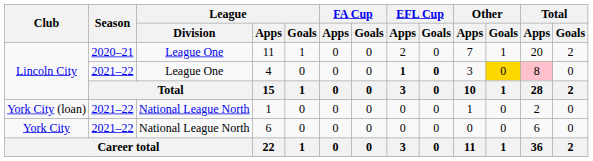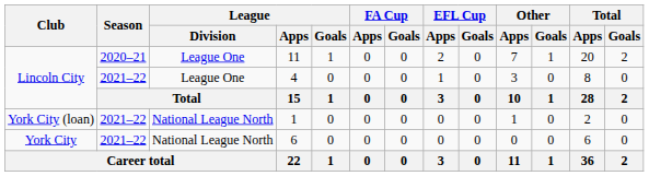 <table class="wikitable" style="text-align: center;">
 <tr>
 <th rowspan="2">Club</th>
 <th rowspan="2">Season</th>
 <th colspan="3">League</th>
 <th colspan="2"><a href='#'>FA Cup</a></th>
 <th colspan="2"><a href='#'>EFL Cup</a></th>
 <th colspan="2">Other</th>
 <th colspan="2">Total</th>
 </tr>
 <tr>
 <th>Division</th>
 <th>Apps</th>
 <th>Goals</th>
 <th>Apps</th>
 <th>Goals</th>
 <th>Apps</th>
 <th>Goals</th>
 <th>Apps</th>
 <th>Goals</th>
 <th>Apps</th>
 <th>Goals</th>
 </tr>
 <tr>
 <td rowspan=3><a href='#'>Lincoln City</a></td>
 <td><a href='#'>2020–21</a></td>
 <td><a href='#'>League One</a></td>
 <td>11</td>
 <td>1</td>
 <td>0</td>
 <td>0</td>
 <td>2</td>
 <td>0</td>
 <td>7</td>
 <td>1</td>
 <td>20</td>
 <td>2</td>
 </tr>
 <tr>
 <td><a href='#'>2021–22</a></td>
 <td>League One</td>
 <td>4</td>
 <td>0</td>
 <td>0</td>
 <td>0</td>
-<td><strong>1</strong></td>
-<td><strong>0</strong></td>
+<td>1</td>
+<td>0</td>
 <td>3</td>
-<td style="background: gold;">0</td>
-<td style="background: pink;">8</td>
+<td>0</td>
+<td>8</td>
 <td>0</td>
 </tr>
 <tr>
 <th colspan="2">Total</th>
 <th>15</th>
 <th>1</th>
 <th>0</th>
 <th>0</th>
 <th>3</th>
 <th>0</th>
 <th>10</th>
 <th>1</th>
 <th>28</th>
 <th>2</th>
 </tr>
 <tr>
 <td><a href='#'>York City</a> (loan)</td>
 <td><a href='#'>2021–22</a></td>
 <td><a href='#'>National League North</a></td>
 <td>1</td>
 <td>0</td>
 <td>0</td>
 <td>0</td>
 <td>0</td>
 <td>0</td>
 <td>1</td>
 <td>0</td>
 <td>2</td>
 <td>0</td>
 </tr>
 <tr>
 <td><a href='#'>York City</a></td>
 <td><a href='#'>2021–22</a></td>
 <td>National League North</td>
 <td>6</td>
 <td>0</td>
 <td>0</td>
 <td>0</td>
 <td>0</td>
 <td>0</td>
 <td>0</td>
 <td>0</td>
 <td>6</td>
 <td>0</td>
 </tr>
 <tr>
 <th colspan="3">Career total</th>
 <th>22</th>
 <th>1</th>
 <th>0</th>
 <th>0</th>
 <th>3</th>
 <th>0</th>
 <th>11</th>
 <th>1</th>
 <th>36</th>
 <th>2</th>
 </tr>
 </table>
